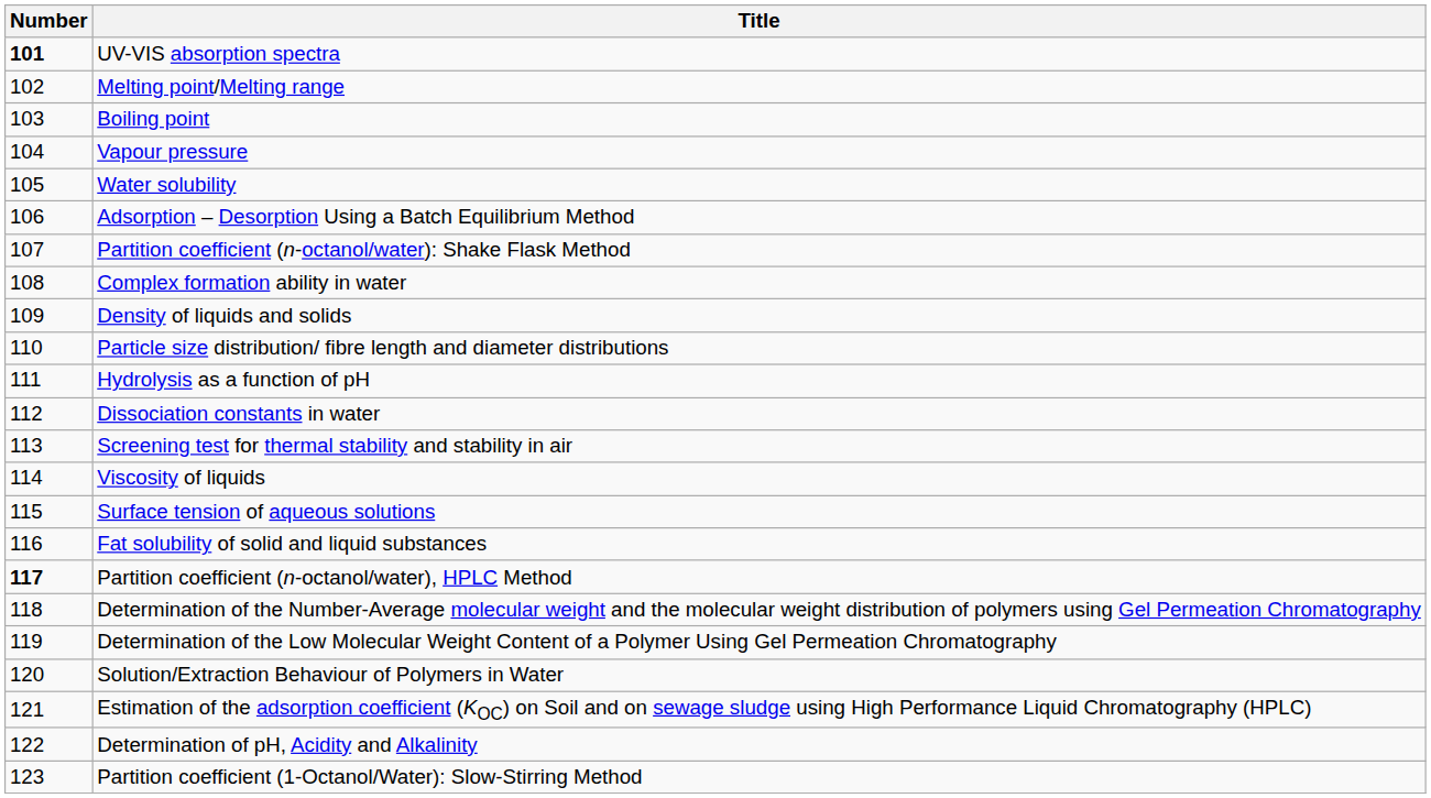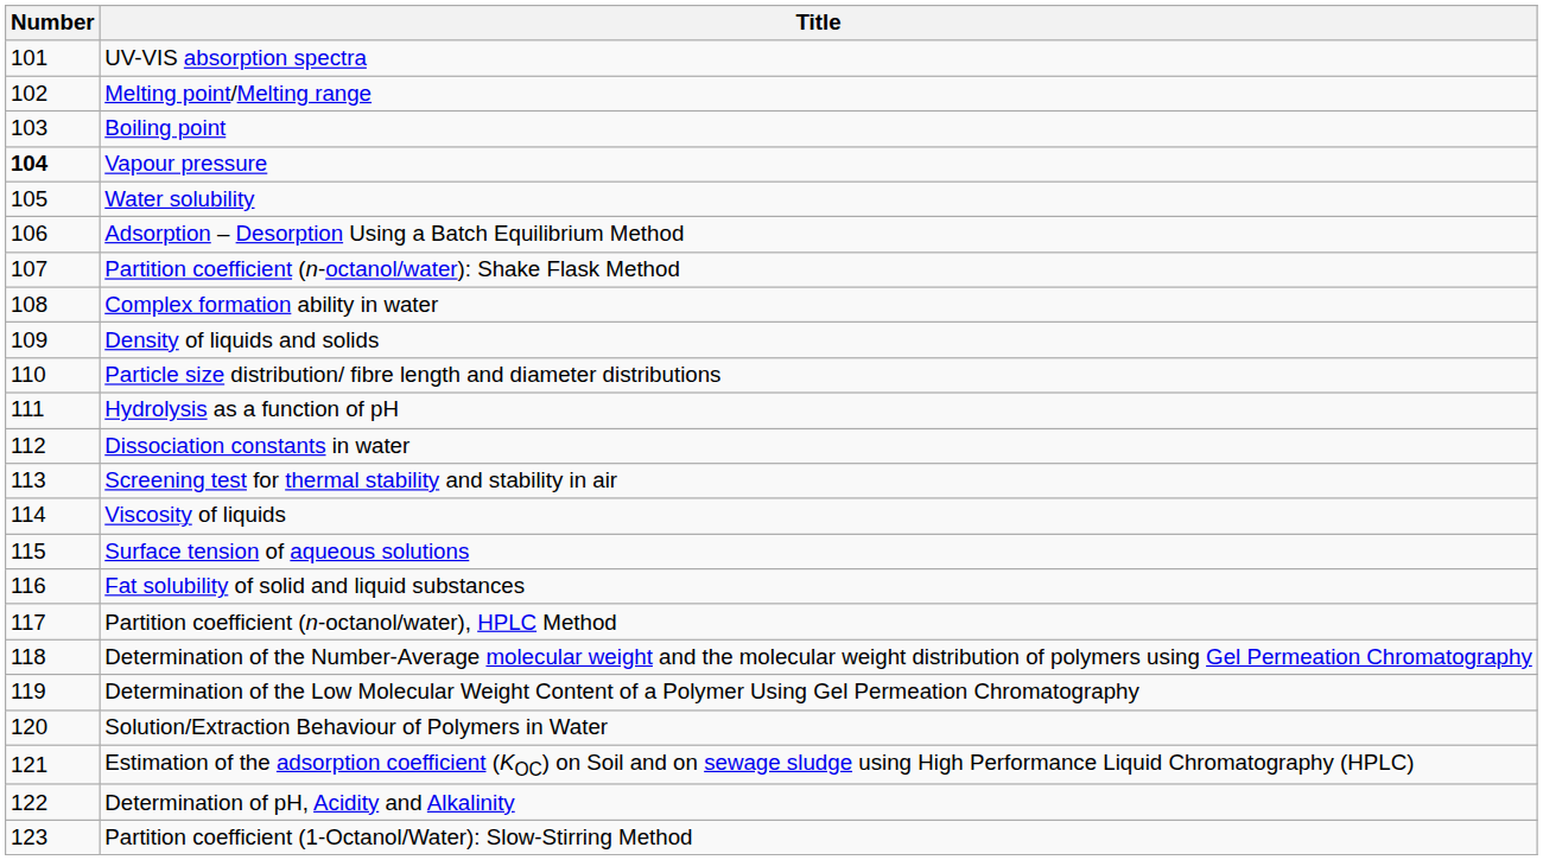 <table class="wikitable">
 <tr>
 <th>Number</th>
 <th>Title</th>
 </tr>
 <tr>
-<td><strong>101</strong></td>
+<td>101</td>
 <td>UV-VIS <a href='#'>absorption spectra</a></td>
 </tr>
 <tr>
 <td>102</td>
 <td><a href='#'>Melting point</a>/<a href='#'>Melting range</a></td>
 </tr>
 <tr>
 <td>103</td>
 <td><a href='#'>Boiling point</a></td>
 </tr>
 <tr>
-<td>104</td>
+<td><strong>104</strong></td>
 <td><a href='#'>Vapour pressure</a></td>
 </tr>
 <tr>
 <td>105</td>
 <td><a href='#'>Water solubility</a></td>
 </tr>
 <tr>
 <td>106</td>
 <td><a href='#'>Adsorption</a> – <a href='#'>Desorption</a> Using a Batch Equilibrium Method</td>
 </tr>
 <tr>
 <td>107</td>
 <td><a href='#'>Partition coefficient</a> (<em>n</em>-<a href='#'>octanol/water</a>): Shake Flask Method</td>
 </tr>
 <tr>
 <td>108</td>
 <td><a href='#'>Complex formation</a> ability in water</td>
 </tr>
 <tr>
 <td>109</td>
 <td><a href='#'>Density</a> of liquids and solids</td>
 </tr>
 <tr>
 <td>110</td>
 <td><a href='#'>Particle size</a> distribution/ fibre length and diameter distributions</td>
 </tr>
 <tr>
 <td>111</td>
 <td><a href='#'>Hydrolysis</a> as a function of pH</td>
 </tr>
 <tr>
 <td>112</td>
 <td><a href='#'>Dissociation constants</a> in water</td>
 </tr>
 <tr>
 <td>113</td>
 <td><a href='#'>Screening test</a> for <a href='#'>thermal stability</a> and stability in air</td>
 </tr>
 <tr>
 <td>114</td>
 <td><a href='#'>Viscosity</a> of liquids</td>
 </tr>
 <tr>
 <td>115</td>
 <td><a href='#'>Surface tension</a> of <a href='#'>aqueous solutions</a></td>
 </tr>
 <tr>
 <td>116</td>
 <td><a href='#'>Fat solubility</a> of solid and liquid substances</td>
 </tr>
 <tr>
-<td><strong>117</strong></td>
+<td>117</td>
 <td>Partition coefficient (<em>n</em>-octanol/water), <a href='#'>HPLC</a> Method</td>
 </tr>
 <tr>
 <td>118</td>
 <td>Determination of the Number-Average <a href='#'>molecular weight</a> and the molecular weight distribution of polymers using <a href='#'>Gel Permeation Chromatography</a></td>
 </tr>
 <tr>
 <td>119</td>
 <td>Determination of the Low Molecular Weight Content of a Polymer Using Gel Permeation Chromatography</td>
 </tr>
 <tr>
 <td>120</td>
 <td>Solution/Extraction Behaviour of Polymers in Water</td>
 </tr>
 <tr>
 <td>121</td>
 <td>Estimation of the <a href='#'>adsorption coefficient</a> (<em>K</em><sub>OC</sub>) on Soil and on <a href='#'>sewage sludge</a> using High Performance Liquid Chromatography (HPLC)</td>
 </tr>
 <tr>
 <td>122</td>
 <td>Determination of pH, <a href='#'>Acidity</a> and <a href='#'>Alkalinity</a></td>
 </tr>
 <tr>
 <td>123</td>
 <td>Partition coefficient (1-Octanol/Water): Slow-Stirring Method</td>
 </tr>
 </table>
